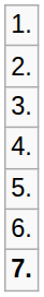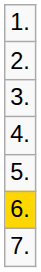 <table class="wikitable">
 <tr>
 <td>1. </td>
 </tr>
 <tr>
 <td>2. </td>
 </tr>
 <tr>
 <td>3. </td>
 </tr>
 <tr>
 <td>4. </td>
 </tr>
 <tr>
 <td>5. </td>
 </tr>
 <tr>
-<td>6. </td>
+<td style="background: gold;">6. </td>
 </tr>
 <tr>
-<td><strong>7. </strong></td>
+<td>7. </td>
 </tr>
 </table>
